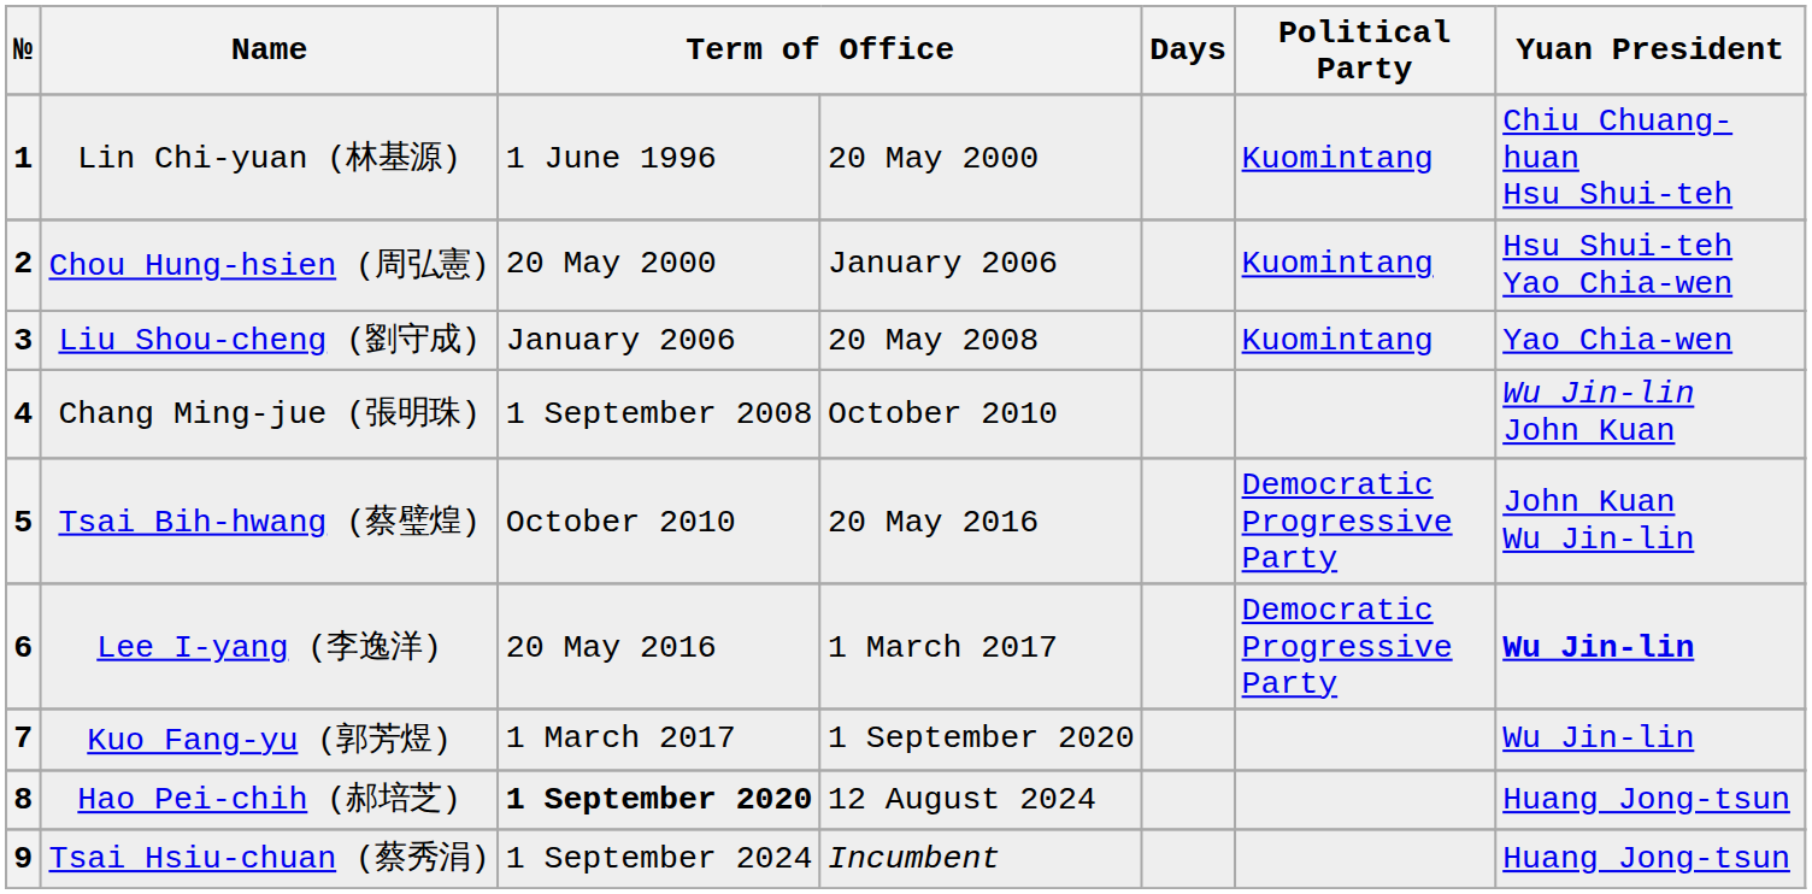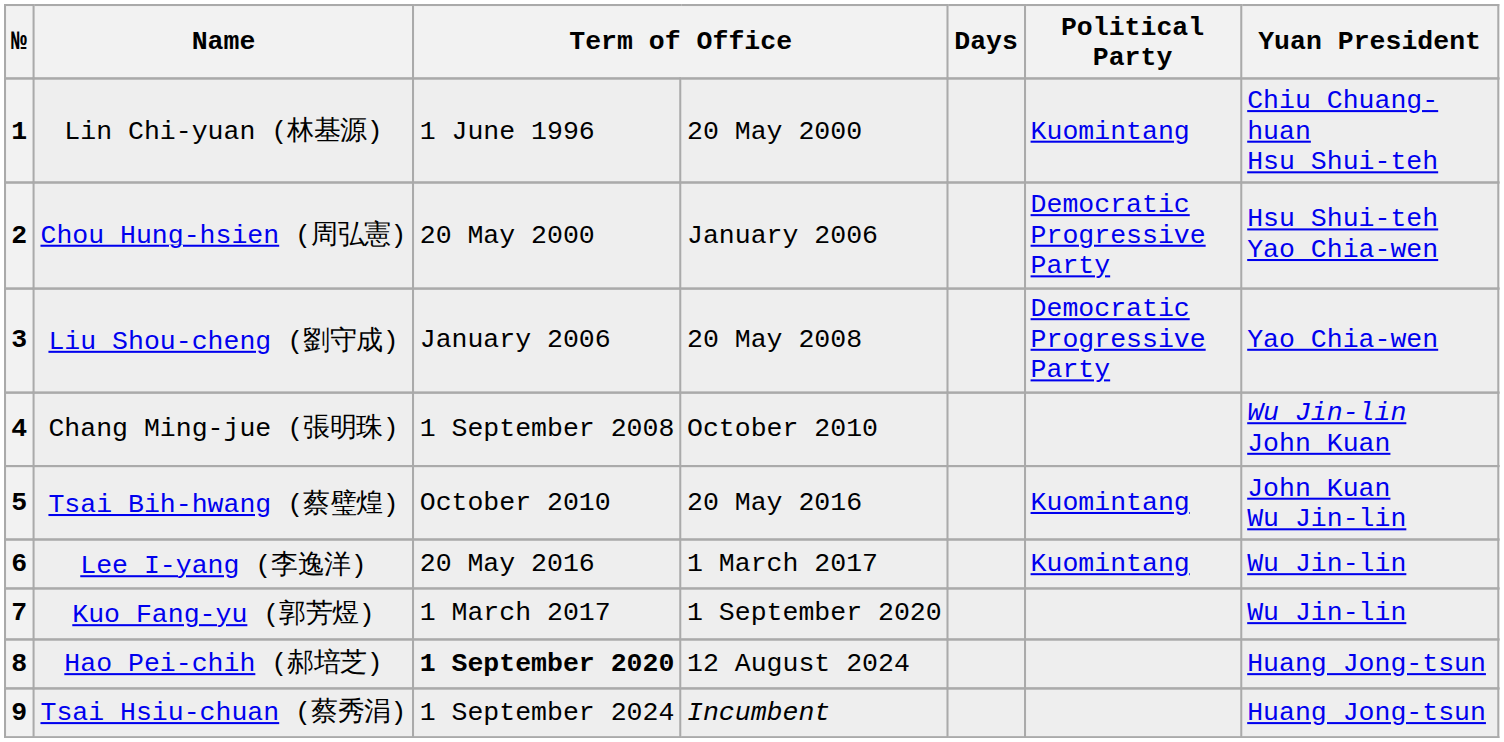 <table class="wikitable">
 <tr ->
 <th>№</th>
 <th width="180">Name</th>
 <th colspan=2 width="180">Term of Office</th>
 <th>Days</th>
 <th width="100">Political Party</th>
 <th width="120">Yuan President</th>
 </tr>
 <tr ->
 </tr>
 <tr - bgcolor=#EEEEEE>
 <th style="background:">1</th>
 <td align=center>Lin Chi-yuan (林基源)</td>
 <td>1 June 1996</td>
 <td>20 May 2000</td>
 <td></td>
 <td><a href='#'>Kuomintang</a></td>
 <td><a href='#'>Chiu Chuang-huan</a><br><a href='#'>Hsu Shui-teh</a></td>
 </tr>
 <tr ->
 </tr>
 <tr - bgcolor=#EEEEEE>
 <th style="background:">2</th>
 <td align=center><a href='#'>Chou Hung-hsien</a> (周弘憲)</td>
 <td>20 May 2000</td>
 <td>January 2006</td>
 <td></td>
-<td><a href='#'>Kuomintang</a></td>
+<td><a href='#'>Democratic Progressive Party</a></td>
 <td><a href='#'>Hsu Shui-teh</a><br><a href='#'>Yao Chia-wen</a></td>
 </tr>
 <tr ->
 </tr>
 <tr - bgcolor=#EEEEEE>
 <th style="background:">3</th>
 <td align=center><a href='#'>Liu Shou-cheng</a> (劉守成)</td>
 <td>January 2006</td>
 <td>20 May 2008</td>
 <td></td>
-<td><a href='#'>Kuomintang</a></td>
+<td><a href='#'>Democratic Progressive Party</a></td>
 <td><a href='#'>Yao Chia-wen</a></td>
 </tr>
 <tr ->
 </tr>
 <tr - bgcolor=#EEEEEE>
 <th style="background:">4</th>
 <td align=center>Chang Ming-jue (張明珠)</td>
 <td>1 September 2008</td>
 <td>October 2010</td>
 <td></td>
 <td></td>
 <td><em><a href='#'>Wu Jin-lin</a></em><br><a href='#'>John Kuan</a></td>
 </tr>
 <tr ->
 </tr>
 <tr - bgcolor=#EEEEEE>
 <th style="background:">5</th>
 <td align=center><a href='#'>Tsai Bih-hwang</a> (蔡璧煌)</td>
 <td>October 2010</td>
 <td>20 May 2016</td>
 <td></td>
-<td><a href='#'>Democratic Progressive Party</a></td>
+<td><a href='#'>Kuomintang</a></td>
 <td><a href='#'>John Kuan</a><br><a href='#'>Wu Jin-lin</a></td>
 </tr>
 <tr ->
 </tr>
 <tr - bgcolor=#EEEEEE>
 <th style="background:">6</th>
 <td align=center><a href='#'>Lee I-yang</a> (李逸洋)</td>
 <td>20 May 2016</td>
 <td>1 March 2017</td>
 <td></td>
-<td><a href='#'>Democratic Progressive Party</a></td>
-<td><strong><a href='#'>Wu Jin-lin</a></strong></td>
+<td><a href='#'>Kuomintang</a></td>
+<td><a href='#'>Wu Jin-lin</a></td>
 </tr>
 <tr ->
 </tr>
 <tr - bgcolor=#EEEEEE>
 <th style="background:">7</th>
 <td align=center><a href='#'>Kuo Fang-yu</a> (郭芳煜)</td>
 <td>1 March 2017</td>
 <td>1 September 2020</td>
 <td></td>
 <td></td>
 <td><a href='#'>Wu Jin-lin</a></td>
 </tr>
 <tr ->
 </tr>
 <tr - bgcolor=#EEEEEE>
 <th style="background:">8</th>
 <td align=center><a href='#'>Hao Pei-chih</a> (郝培芝)</td>
 <td><strong>1 September 2020</strong></td>
 <td>12 August 2024</td>
 <td></td>
 <td></td>
 <td><a href='#'>Huang Jong-tsun</a></td>
 </tr>
 <tr ->
 </tr>
 <tr - bgcolor=#EEEEEE>
 <th style="background:">9</th>
 <td align=center><a href='#'>Tsai Hsiu-chuan</a> (蔡秀涓)</td>
 <td>1 September 2024</td>
 <td><em>Incumbent</em></td>
 <td></td>
 <td></td>
 <td><a href='#'>Huang Jong-tsun</a></td>
 </tr>
 <tr ->
 </tr>
 </table>
